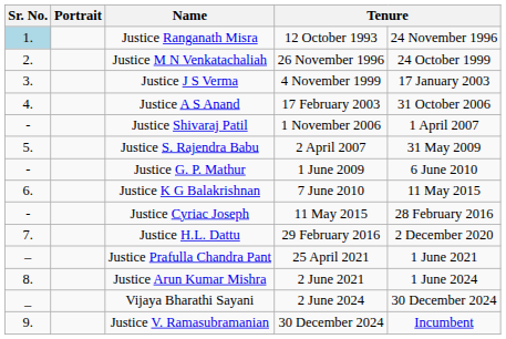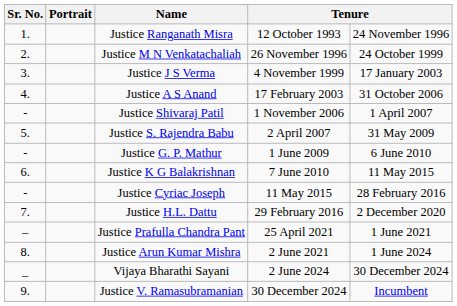 <table class="wikitable sortable" style="text-align:center">
 <tr>
 <th>Sr. No.</th>
 <th>Portrait</th>
 <th>Name</th>
 <th colspan=3>Tenure</th>
 </tr>
 <tr>
-<td style="background: lightblue;">1.</td>
+<td>1.</td>
 <td></td>
 <td>Justice <a href='#'>Ranganath Misra</a></td>
 <td>12 October 1993</td>
 <td>24 November 1996</td>
 </tr>
 <tr>
 <td>2.</td>
 <td></td>
 <td>Justice <a href='#'>M N Venkatachaliah</a></td>
 <td>26 November 1996</td>
 <td>24 October 1999</td>
 </tr>
 <tr>
 <td>3.</td>
 <td></td>
 <td>Justice <a href='#'>J S Verma</a></td>
 <td>4 November 1999</td>
 <td>17 January 2003</td>
 </tr>
 <tr>
 <td>4.</td>
 <td></td>
 <td>Justice <a href='#'>A S Anand</a></td>
 <td>17 February 2003</td>
 <td>31 October 2006</td>
 </tr>
 <tr>
 <td>-</td>
 <td></td>
 <td>Justice <a href='#'>Shivaraj Patil</a> <br></td>
 <td>1 November 2006</td>
 <td>1 April 2007</td>
 </tr>
 <tr>
 <td>5.</td>
 <td></td>
 <td>Justice <a href='#'>S. Rajendra Babu</a></td>
 <td>2 April 2007</td>
 <td>31 May 2009</td>
 </tr>
 <tr>
 <td>-</td>
 <td></td>
 <td>Justice <a href='#'>G. P. Mathur</a><br> </td>
 <td>1 June 2009</td>
 <td>6 June 2010</td>
 </tr>
 <tr>
 <td>6.</td>
 <td></td>
 <td>Justice <a href='#'>K G Balakrishnan</a></td>
 <td>7 June 2010</td>
 <td>11 May 2015</td>
 </tr>
 <tr>
 <td>-</td>
 <td></td>
 <td>Justice <a href='#'>Cyriac Joseph</a> <br></td>
 <td>11 May 2015</td>
 <td>28 February 2016</td>
 </tr>
 <tr>
 <td>7.</td>
 <td></td>
 <td>Justice <a href='#'>H.L. Dattu</a></td>
 <td>29 February 2016</td>
 <td>2 December 2020</td>
 </tr>
 <tr>
 <td>–</td>
 <td></td>
 <td>Justice <a href='#'>Prafulla Chandra Pant</a> <br> </td>
 <td>25 April 2021</td>
 <td>1 June 2021</td>
 </tr>
 <tr>
 <td>8.</td>
 <td></td>
 <td>Justice <a href='#'>Arun Kumar Mishra</a></td>
 <td>2 June 2021</td>
 <td>1 June 2024</td>
 </tr>
 <tr>
 <td>_</td>
 <td></td>
 <td>Vijaya Bharathi Sayani <br> </td>
 <td>2 June 2024</td>
 <td>30 December 2024</td>
 </tr>
 <tr>
 <td>9.</td>
 <td></td>
 <td>Justice <a href='#'>V. Ramasubramanian</a></td>
 <td>30 December 2024</td>
 <td><a href='#'>Incumbent</a></td>
 </tr>
 </table>
